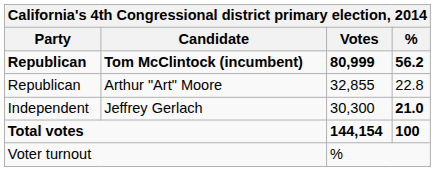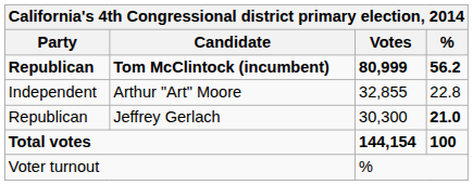 <table class="wikitable">
 <tr>
 <th colspan="4">California's 4th Congressional district primary election, 2014</th>
 </tr>
 <tr>
 <th>Party</th>
 <th>Candidate</th>
 <th>Votes</th>
 <th>%</th>
 </tr>
 <tr>
 <td><strong>Republican</strong></td>
 <td><strong>Tom McClintock (incumbent)</strong></td>
 <td><strong>80,999</strong></td>
 <td><strong>56.2</strong></td>
 </tr>
 <tr>
-<td>Republican</td>
+<td>Independent</td>
 <td>Arthur "Art" Moore</td>
 <td>32,855</td>
 <td>22.8</td>
 </tr>
 <tr>
-<td>Independent</td>
+<td>Republican</td>
 <td>Jeffrey Gerlach</td>
 <td>30,300</td>
 <td><strong>21.0</strong></td>
 </tr>
 <tr>
 <td colspan="2"><strong>Total votes</strong></td>
 <td><strong>144,154</strong></td>
 <td><strong>100</strong></td>
 </tr>
 <tr>
 <td colspan="2">Voter turnout</td>
 <td colspan="2">%</td>
 </tr>
 </table>
